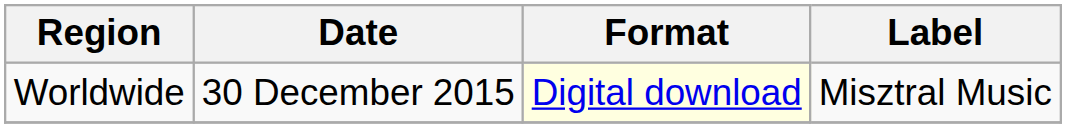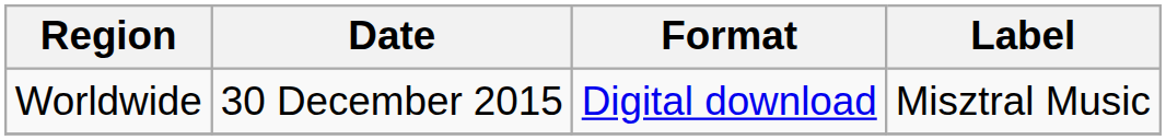 <table class=wikitable>
 <tr>
 <th>Region</th>
 <th>Date</th>
 <th>Format</th>
 <th>Label</th>
 </tr>
 <tr>
 <td>Worldwide</td>
 <td>30 December 2015</td>
-<td style="background: lightyellow;"><a href='#'>Digital download</a></td>
+<td><a href='#'>Digital download</a></td>
 <td>Misztral Music</td>
 </tr>
 <tr>
 </tr>
 </table>
